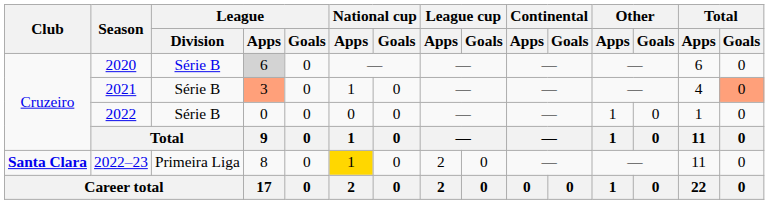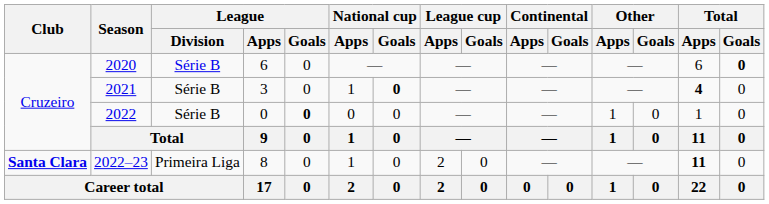 <table class="wikitable" style="text-align: center;">
 <tr>
 <th rowspan="2">Club</th>
 <th rowspan="2">Season</th>
 <th colspan="3">League</th>
 <th colspan="2">National cup</th>
 <th colspan="2">League cup</th>
 <th colspan="2">Continental</th>
 <th colspan="2">Other</th>
 <th colspan="2">Total</th>
 </tr>
 <tr>
 <th>Division</th>
 <th>Apps</th>
 <th>Goals</th>
 <th>Apps</th>
 <th>Goals</th>
 <th>Apps</th>
 <th>Goals</th>
 <th>Apps</th>
 <th>Goals</th>
 <th>Apps</th>
 <th>Goals</th>
 <th>Apps</th>
 <th>Goals</th>
 </tr>
 <tr>
 <td rowspan="4"><a href='#'>Cruzeiro</a></td>
 <td><a href='#'>2020</a></td>
 <td><a href='#'>Série B</a></td>
-<td style="background: lightgrey;">6</td>
+<td>6</td>
 <td>0</td>
 <td colspan="2">—</td>
 <td colspan="2">—</td>
 <td colspan="2">—</td>
 <td colspan="2">—</td>
 <td>6</td>
-<td>0</td>
+<td><strong>0</strong></td>
 </tr>
 <tr>
 <td><a href='#'>2021</a></td>
 <td>Série B</td>
-<td style="background: lightsalmon;">3</td>
+<td>3</td>
 <td>0</td>
 <td>1</td>
-<td>0</td>
+<td><strong>0</strong></td>
 <td colspan="2">—</td>
 <td colspan="2">—</td>
 <td colspan="2">—</td>
-<td>4</td>
-<td style="background: lightsalmon;">0</td>
+<td><strong>4</strong></td>
+<td>0</td>
 </tr>
 <tr>
 <td><a href='#'>2022</a></td>
 <td>Série B</td>
 <td>0</td>
-<td>0</td>
+<td><strong>0</strong></td>
 <td>0</td>
 <td>0</td>
 <td colspan="2">—</td>
 <td colspan="2">—</td>
 <td>1</td>
 <td>0</td>
 <td>1</td>
 <td>0</td>
 </tr>
 <tr>
 <th colspan=2>Total</th>
 <th>9</th>
 <th>0</th>
 <th>1</th>
 <th>0</th>
 <th colspan="2">—</th>
 <th colspan="2">—</th>
 <th>1</th>
 <th>0</th>
 <th>11</th>
 <th>0</th>
 </tr>
 <tr>
 <td><strong><a href='#'>Santa Clara</a></strong></td>
 <td><a href='#'>2022–23</a></td>
 <td>Primeira Liga</td>
 <td>8</td>
 <td>0</td>
-<td style="background: gold;">1</td>
+<td>1</td>
 <td>0</td>
 <td>2</td>
 <td>0</td>
 <td colspan=2>—</td>
 <td colspan=2>—</td>
-<td>11</td>
+<td><strong>11</strong></td>
 <td>0</td>
 </tr>
 <tr>
 <th colspan="3">Career total</th>
 <th>17</th>
 <th>0</th>
 <th>2</th>
 <th>0</th>
 <th>2</th>
 <th>0</th>
 <th>0</th>
 <th>0</th>
 <th>1</th>
 <th>0</th>
 <th>22</th>
 <th>0</th>
 </tr>
 </table>
